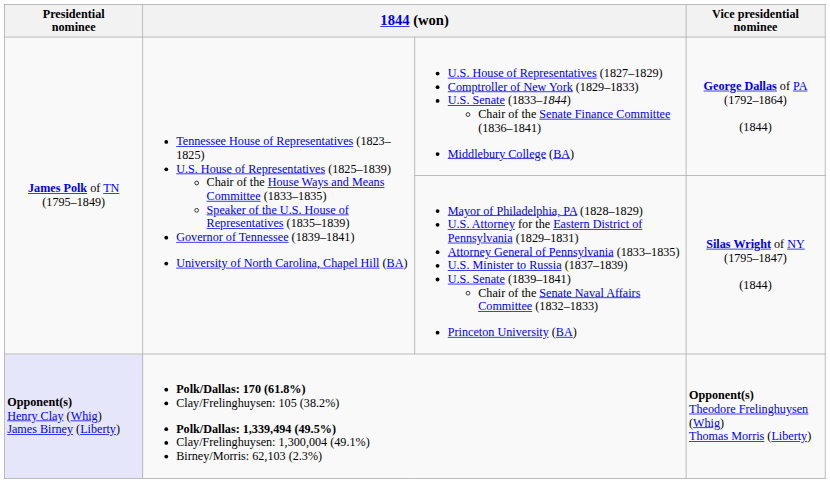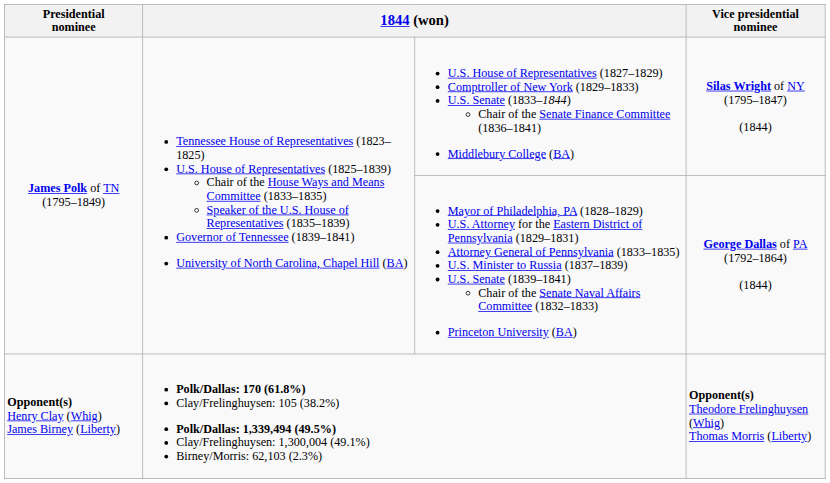 <table class="wikitable">
 <tr>
 <th width=175>Presidential<br>nominee</th>
 <th colspan=2><big><a href='#'>1844</a> (won)</big></th>
 <th width=175>Vice presidential<br>nominee</th>
 </tr>
 <tr>
 <td rowspan=2 style="text-align:center;"><strong><a href='#'>James Polk</a></strong> of <a href='#'>TN</a><br>(1795–1849)<br></td>
 <td rowspan=2 width=350><br><ul><li><a href='#'>Tennessee House of Representatives</a> (1823–1825)</li><li><a href='#'>U.S. House of Representatives</a> (1825–1839)<ul><li>Chair of the <a href='#'>House Ways and Means Committee</a> (1833–1835)</li><li><a href='#'>Speaker of the U.S. House of Representatives</a> (1835–1839)</li></ul></li><li><a href='#'>Governor of Tennessee</a> (1839–1841)</li></ul><ul><li><a href='#'>University of North Carolina, Chapel Hill</a> (<a href='#'>BA</a>)</li></ul></td>
 <td width=350><br><ul><li><a href='#'>U.S. House of Representatives</a> (1827–1829)</li><li><a href='#'>Comptroller of New York</a> (1829–1833)</li><li><a href='#'>U.S. Senate</a> (1833–<em>1844</em>)<ul><li>Chair of the <a href='#'>Senate Finance Committee</a> (1836–1841)</li></ul></li></ul><ul><li><a href='#'>Middlebury College</a> (<a href='#'>BA</a>)</li></ul></td>
+<td style="text-align:center;"><strong><a href='#'>Silas Wright</a></strong> of <a href='#'>NY</a><br>(1795–1847)<br><br>(1844)</td>
+</tr>
+<tr>
+<td width=350><br><ul><li><a href='#'>Mayor of Philadelphia, PA</a> (1828–1829)</li><li><a href='#'>U.S. Attorney</a> for the <a href='#'>Eastern District of Pennsylvania</a> (1829–1831)</li><li><a href='#'>Attorney General of Pennsylvania</a> (1833–1835)</li><li><a href='#'>U.S. Minister to Russia</a> (1837–1839)</li><li><a href='#'>U.S. Senate</a> (1839–1841)<ul><li>Chair of the <a href='#'>Senate Naval Affairs Committee</a> (1832–1833)</li></ul></li></ul><ul><li><a href='#'>Princeton University</a> (<a href='#'>BA</a>)</li></ul></td>
 <td style="text-align:center;"><strong><a href='#'>George Dallas</a></strong> of <a href='#'>PA</a><br>(1792–1864)<br><br>(1844)</td>
 </tr>
 <tr>
-<td width=350><br><ul><li><a href='#'>Mayor of Philadelphia, PA</a> (1828–1829)</li><li><a href='#'>U.S. Attorney</a> for the <a href='#'>Eastern District of Pennsylvania</a> (1829–1831)</li><li><a href='#'>Attorney General of Pennsylvania</a> (1833–1835)</li><li><a href='#'>U.S. Minister to Russia</a> (1837–1839)</li><li><a href='#'>U.S. Senate</a> (1839–1841)<ul><li>Chair of the <a href='#'>Senate Naval Affairs Committee</a> (1832–1833)</li></ul></li></ul><ul><li><a href='#'>Princeton University</a> (<a href='#'>BA</a>)</li></ul></td>
-<td style="text-align:center;"><strong><a href='#'>Silas Wright</a></strong> of <a href='#'>NY</a><br>(1795–1847)<br><br>(1844)</td>
-</tr>
-<tr>
-<td style="background: lavender;"><strong>Opponent(s)</strong><br><a href='#'>Henry Clay</a> (<a href='#'>Whig</a>)<br><a href='#'>James Birney</a> (<a href='#'>Liberty</a>)</td>
+<td><strong>Opponent(s)</strong><br><a href='#'>Henry Clay</a> (<a href='#'>Whig</a>)<br><a href='#'>James Birney</a> (<a href='#'>Liberty</a>)</td>
 <td colspan=2><br><ul><li><strong>Polk/Dallas: 170 (61.8%)</strong></li><li>Clay/Frelinghuysen: 105 (38.2%)</li></ul><ul><li><strong>Polk/Dallas: 1,339,494 (49.5%)</strong></li><li>Clay/Frelinghuysen: 1,300,004 (49.1%)</li><li>Birney/Morris: 62,103 (2.3%)</li></ul></td>
 <td><strong>Opponent(s)</strong><br><a href='#'>Theodore Frelinghuysen</a> (<a href='#'>Whig</a>)<br><a href='#'>Thomas Morris</a> (<a href='#'>Liberty</a>)</td>
 </tr>
 </table>
